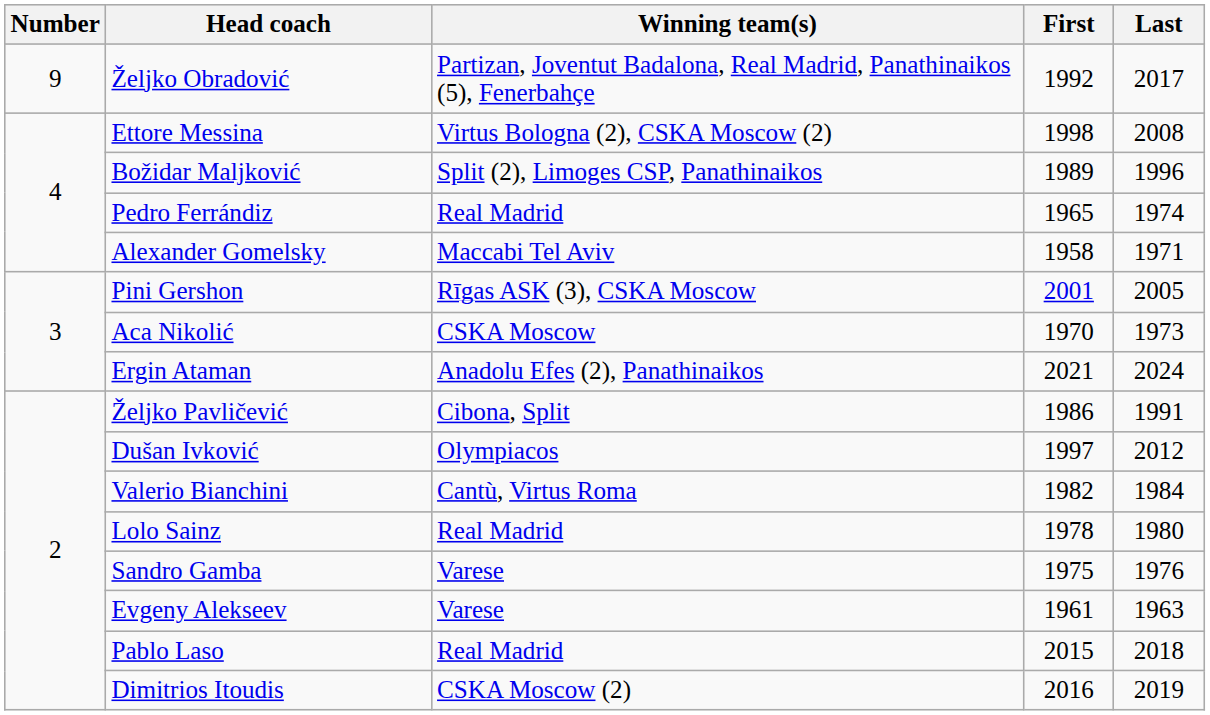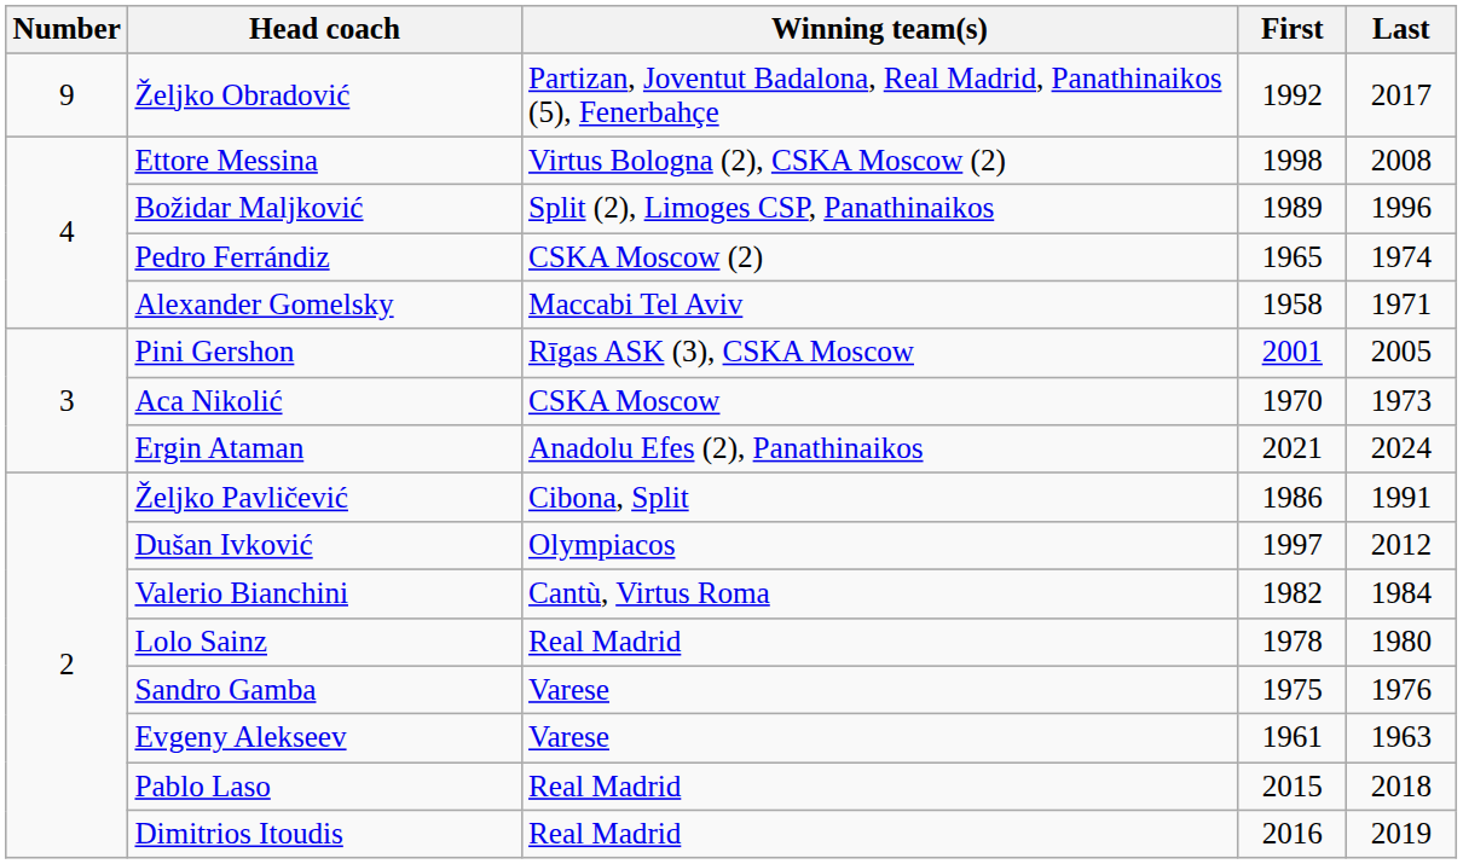 <table class="wikitable">
 <tr>
 <th style="width:40px">Number</th>
 <th style="width:200px">Head coach</th>
 <th style="width:370px">Winning team(s)</th>
 <th style="width:50px">First</th>
 <th style="width:50px">Last</th>
 </tr>
 <tr>
 <td style="text-align:center;">9</td>
 <td>  <a href='#'>Željko Obradović</a></td>
 <td> <a href='#'>Partizan</a>,  <a href='#'>Joventut Badalona</a>,  <a href='#'>Real Madrid</a>,  <a href='#'>Panathinaikos</a> (5),  <a href='#'>Fenerbahçe</a></td>
 <td style="text-align:center;">1992</td>
 <td style="text-align:center;">2017</td>
 </tr>
 <tr>
 <td rowspan=4 style="text-align:center;">4</td>
 <td> <a href='#'>Ettore Messina</a></td>
 <td> <a href='#'>Virtus Bologna</a> (2),  <a href='#'>CSKA Moscow</a> (2)</td>
 <td style="text-align:center;">1998</td>
 <td style="text-align:center;">2008</td>
 </tr>
 <tr>
 <td>  <a href='#'>Božidar Maljković</a></td>
 <td> <a href='#'>Split</a> (2),  <a href='#'>Limoges CSP</a>,  <a href='#'>Panathinaikos</a></td>
 <td style="text-align:center;">1989</td>
 <td style="text-align:center;">1996</td>
 </tr>
 <tr>
 <td> <a href='#'>Pedro Ferrándiz</a></td>
-<td> <a href='#'>Real Madrid</a></td>
+<td> <a href='#'>CSKA Moscow</a> (2)</td>
 <td style="text-align:center;">1965</td>
 <td style="text-align:center;">1974</td>
 </tr>
 <tr>
 <td> <a href='#'>Alexander Gomelsky</a></td>
 <td> <a href='#'>Maccabi Tel Aviv</a></td>
 <td style="text-align:center;">1958</td>
 <td style="text-align:center;">1971</td>
 </tr>
 <tr>
 <td rowspan="3" style="text-align:center;">3</td>
 <td> <a href='#'>Pini Gershon</a></td>
 <td> <a href='#'>Rīgas ASK</a> (3),   <a href='#'>CSKA Moscow</a></td>
 <td style="text-align:center;"><a href='#'>2001</a></td>
 <td style="text-align:center;">2005</td>
 </tr>
 <tr>
 <td> <a href='#'>Aca Nikolić</a></td>
 <td> <a href='#'>CSKA Moscow</a></td>
 <td style="text-align:center;">1970</td>
 <td style="text-align:center;">1973</td>
 </tr>
 <tr>
 <td> <a href='#'>Ergin Ataman</a></td>
 <td> <a href='#'>Anadolu Efes</a> (2),  <a href='#'>Panathinaikos</a></td>
 <td style="text-align:center;">2021</td>
 <td style="text-align:center;">2024</td>
 </tr>
 <tr>
 <td rowspan="8" style="text-align:center;">2</td>
 <td> <a href='#'>Željko Pavličević</a></td>
 <td> <a href='#'>Cibona</a>,  <a href='#'>Split</a></td>
 <td style="text-align:center;">1986</td>
 <td style="text-align:center;">1991</td>
 </tr>
 <tr>
 <td>  <a href='#'>Dušan Ivković</a></td>
 <td> <a href='#'>Olympiacos</a></td>
 <td style="text-align:center;">1997</td>
 <td style="text-align:center;">2012</td>
 </tr>
 <tr>
 <td> <a href='#'>Valerio Bianchini</a></td>
 <td>  <a href='#'>Cantù</a>,  <a href='#'>Virtus Roma</a></td>
 <td style="text-align:center;">1982</td>
 <td style="text-align:center;">1984</td>
 </tr>
 <tr>
 <td> <a href='#'>Lolo Sainz</a></td>
 <td> <a href='#'>Real Madrid</a></td>
 <td style="text-align:center;">1978</td>
 <td style="text-align:center;">1980</td>
 </tr>
 <tr>
 <td> <a href='#'>Sandro Gamba</a></td>
 <td> <a href='#'>Varese</a></td>
 <td style="text-align:center;">1975</td>
 <td style="text-align:center;">1976</td>
 </tr>
 <tr>
 <td> <a href='#'>Evgeny Alekseev</a></td>
 <td> <a href='#'>Varese</a></td>
 <td style="text-align:center;">1961</td>
 <td style="text-align:center;">1963</td>
 </tr>
 <tr>
 <td> <a href='#'>Pablo Laso</a></td>
 <td> <a href='#'>Real Madrid</a></td>
 <td style="text-align:center;">2015</td>
 <td style="text-align:center;">2018</td>
 </tr>
 <tr>
 <td> <a href='#'>Dimitrios Itoudis</a></td>
-<td> <a href='#'>CSKA Moscow</a> (2)</td>
+<td> <a href='#'>Real Madrid</a></td>
 <td style="text-align:center;">2016</td>
 <td style="text-align:center;">2019</td>
 </tr>
 </table>
